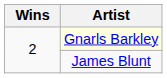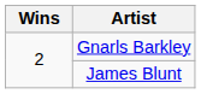 <table class="wikitable" rowspan="2" style="text-align:center">
 <tr>
 <th scope="col" style="width:55px;">Wins</th>
 <th scope="col" style="text-align:center;">Artist</th>
 </tr>
 <tr>
 <td rowspan="2" style="text-align:center">2</td>
-<td style="background: lightyellow;"><a href='#'>Gnarls Barkley</a></td>
+<td><a href='#'>Gnarls Barkley</a></td>
 </tr>
 <tr>
 <td><a href='#'>James Blunt</a></td>
 </tr>
 </table>
